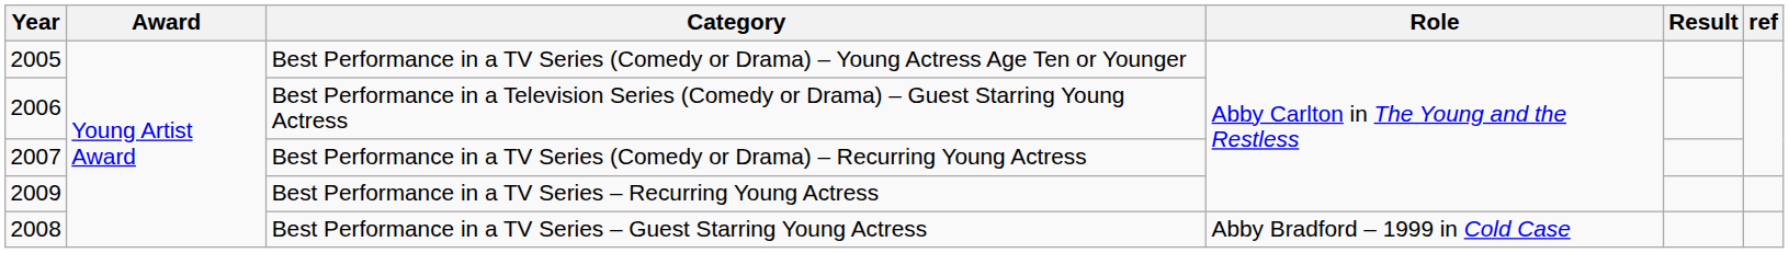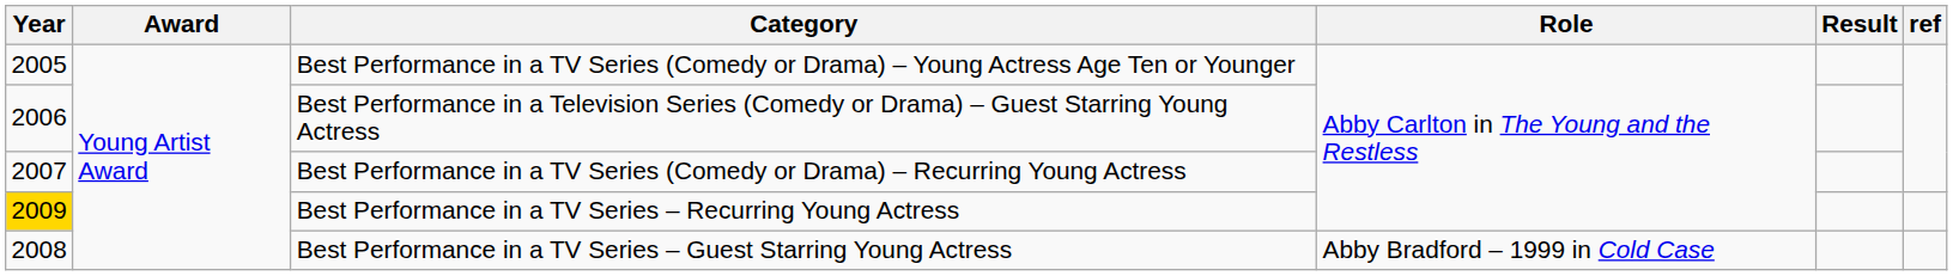 <table class="wikitable">
 <tr>
 <th>Year</th>
 <th>Award</th>
 <th>Category</th>
 <th>Role</th>
 <th>Result</th>
 <th>ref</th>
 </tr>
 <tr>
 <td>2005</td>
 <td rowspan="5"><a href='#'>Young Artist Award</a></td>
 <td>Best Performance in a TV Series (Comedy or Drama) – Young Actress Age Ten or Younger</td>
 <td rowspan="4"><a href='#'>Abby Carlton</a> in <em><a href='#'>The Young and the Restless</a></em></td>
 <td></td>
 <td rowspan="3"></td>
 </tr>
 <tr>
 <td>2006</td>
 <td>Best Performance in a Television Series (Comedy or Drama) – Guest Starring Young Actress</td>
 <td></td>
 </tr>
 <tr>
 <td>2007</td>
 <td>Best Performance in a TV Series (Comedy or Drama) – Recurring Young Actress</td>
 <td></td>
 </tr>
 <tr>
-<td>2009</td>
+<td style="background: gold;">2009</td>
 <td>Best Performance in a TV Series – Recurring Young Actress</td>
 <td></td>
 <td></td>
 </tr>
 <tr>
 <td>2008</td>
 <td>Best Performance in a TV Series – Guest Starring Young Actress</td>
 <td>Abby Bradford – 1999 in <em><a href='#'>Cold Case</a></em></td>
 <td></td>
 <td></td>
 </tr>
 </table>
